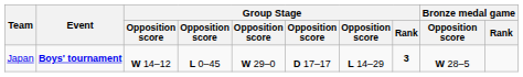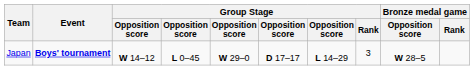 <table class=wikitable style=font-size:90%;text-align:center>
 <tr>
 <th rowspan=2>Team</th>
 <th rowspan=2>Event</th>
 <th colspan=6>Group Stage</th>
 <th colspan=2>Bronze medal game</th>
 </tr>
 <tr style=font-size:95%>
 <th>Opposition<br>score</th>
 <th>Opposition<br>score</th>
 <th>Opposition<br>score</th>
 <th>Opposition<br>score</th>
 <th>Opposition<br>score</th>
 <th>Rank</th>
 <th>Opposition<br>score</th>
 <th>Rank</th>
 </tr>
 <tr>
 <td align=left><a href='#'>Japan</a></td>
 <td align=left><strong><a href='#'>Boys' tournament</a></strong></td>
 <td><br><strong>W</strong> 14–12</td>
 <td><br><strong>L</strong> 0–45</td>
 <td><br><strong>W</strong> 29–0</td>
 <td><br><strong>D</strong> 17–17</td>
 <td><br><strong>L</strong> 14–29</td>
-<td><strong>3</strong></td>
+<td>3</td>
 <td><br><strong>W</strong> 28–5</td>
 <td></td>
 </tr>
 </table>
